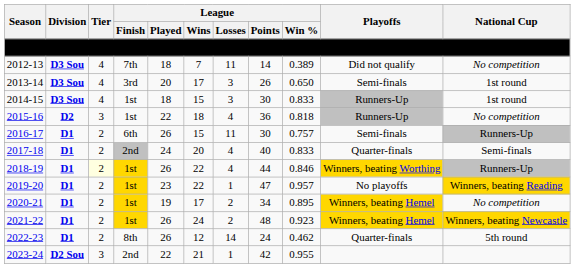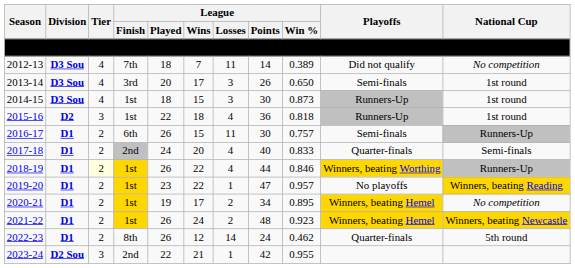 <table class="wikitable">
 <tr style="background:#efefef;">
 <th rowspan="2">Season</th>
 <th rowspan="2">Division</th>
 <th rowspan="2">Tier</th>
 <th colspan="6">League</th>
 <th rowspan="2">Playoffs</th>
 <th rowspan="2">National Cup</th>
 </tr>
 <tr>
 <th>Finish</th>
 <th>Played</th>
 <th>Wins</th>
 <th>Losses</th>
 <th>Points</th>
 <th>Win %</th>
 </tr>
 <tr>
 <td colspan="13"  style="text-align:center; background:#000;"><span><strong>Solent Kestrels</strong></span></td>
 </tr>
 <tr>
 <td style="text-align:center;">2012-13</td>
 <td style="text-align:center;"><strong><a href='#'>D3 Sou</a></strong></td>
 <td style="text-align:center;">4</td>
 <td style="text-align:center;">7th</td>
 <td style="text-align:center;">18</td>
 <td style="text-align:center;">7</td>
 <td style="text-align:center;">11</td>
 <td style="text-align:center;">14</td>
 <td style="text-align:center;">0.389</td>
 <td style="text-align:center;">Did not qualify</td>
 <td style="text-align:center;"><em>No competition</em></td>
 </tr>
 <tr>
 <td style="text-align:center;">2013-14</td>
 <td style="text-align:center;"><strong><a href='#'>D3 Sou</a></strong></td>
 <td style="text-align:center;">4</td>
 <td style="text-align:center;">3rd</td>
 <td style="text-align:center;">20</td>
 <td style="text-align:center;">17</td>
 <td style="text-align:center;">3</td>
 <td style="text-align:center;">26</td>
 <td style="text-align:center;">0.650</td>
 <td style="text-align:center;">Semi-finals</td>
 <td style="text-align:center;">1st round</td>
 </tr>
 <tr>
 <td style="text-align:center;">2014-15</td>
 <td style="text-align:center;"><strong><a href='#'>D3 Sou</a></strong></td>
 <td style="text-align:center;">4</td>
 <td style="text-align:center;">1st</td>
 <td style="text-align:center;">18</td>
 <td style="text-align:center;">15</td>
 <td style="text-align:center;">3</td>
 <td style="text-align:center;">30</td>
-<td style="text-align:center;">0.833</td>
+<td style="text-align:center;">0.873</td>
 <td style="text-align:center; background:silver;">Runners-Up</td>
 <td style="text-align:center;">1st round</td>
 </tr>
 <tr>
 <td style="text-align:center;"><a href='#'>2015-16</a></td>
 <td style="text-align:center;"><strong><a href='#'>D2</a></strong></td>
 <td style="text-align:center;">3</td>
 <td style="text-align:center;">1st</td>
 <td style="text-align:center;">22</td>
 <td style="text-align:center;">18</td>
 <td style="text-align:center;">4</td>
 <td style="text-align:center;">36</td>
 <td style="text-align:center;">0.818</td>
 <td style="text-align:center; background:silver;">Runners-Up</td>
-<td style="text-align:center;"><em>No competition</em></td>
+<td style="text-align:center;">1st round</td>
 </tr>
 <tr>
 <td style="text-align:center;"><a href='#'>2016-17</a></td>
 <td style="text-align:center;"><strong><a href='#'>D1</a></strong></td>
 <td style="text-align:center;">2</td>
 <td style="text-align:center;">6th</td>
 <td style="text-align:center;">26</td>
 <td style="text-align:center;">15</td>
 <td style="text-align:center;">11</td>
 <td style="text-align:center;">30</td>
 <td style="text-align:center;">0.757</td>
 <td style="text-align:center;">Semi-finals</td>
 <td style="text-align:center; background:silver;">Runners-Up</td>
 </tr>
 <tr>
 <td style="text-align:center;"><a href='#'>2017-18</a></td>
 <td style="text-align:center;"><strong><a href='#'>D1</a></strong></td>
 <td style="text-align:center;">2</td>
 <td style="text-align:center; background:silver;">2nd</td>
 <td style="text-align:center;">24</td>
 <td style="text-align:center;">20</td>
 <td style="text-align:center;">4</td>
 <td style="text-align:center;">40</td>
 <td style="text-align:center;">0.833</td>
 <td style="text-align:center;">Quarter-finals</td>
 <td style="text-align:center;">Semi-finals</td>
 </tr>
 <tr>
 <td style="text-align:center;"><a href='#'>2018-19</a></td>
 <td style="text-align:center;"><strong><a href='#'>D1</a></strong></td>
 <td style="background: lightyellow; text-align:center;">2</td>
 <td style="text-align:center; background:gold;">1st</td>
 <td style="text-align:center;">26</td>
 <td style="text-align:center;">22</td>
 <td style="text-align:center;">4</td>
 <td style="text-align:center;">44</td>
 <td style="text-align:center;">0.846</td>
 <td style="text-align:center; background:gold;">Winners, beating <a href='#'>Worthing</a></td>
 <td style="text-align:center; background:silver;">Runners-Up</td>
 </tr>
 <tr>
 <td style="text-align:center;"><a href='#'>2019-20</a></td>
 <td style="text-align:center;"><strong><a href='#'>D1</a></strong></td>
 <td style="text-align:center;">2</td>
 <td style="text-align:center;"bgcolor=gold>1st</td>
 <td style="text-align:center;">23</td>
 <td style="text-align:center;">22</td>
 <td style="text-align:center;">1</td>
 <td style="text-align:center;">47</td>
 <td style="text-align:center;">0.957</td>
 <td style="text-align:center;">No playoffs</td>
 <td style="text-align:center; background:gold;">Winners, beating <a href='#'>Reading</a></td>
 </tr>
 <tr>
 <td style="text-align:center;"><a href='#'>2020-21</a></td>
 <td style="text-align:center;"><strong><a href='#'>D1</a></strong></td>
 <td style="text-align:center;">2</td>
 <td style="text-align:center;"bgcolor=gold>1st</td>
 <td style="text-align:center;">19</td>
 <td style="text-align:center;">17</td>
 <td style="text-align:center;">2</td>
 <td style="text-align:center;">34</td>
 <td style="text-align:center;">0.895</td>
 <td style="text-align:center;"bgcolor=gold>Winners, beating <a href='#'>Hemel</a></td>
 <td style="text-align:center;"><em>No competition</em></td>
 </tr>
 <tr>
 <td style="text-align:center;"><a href='#'>2021-22</a></td>
 <td style="text-align:center;"><strong><a href='#'>D1</a></strong></td>
 <td style="text-align:center;">2</td>
 <td style="text-align:center;"bgcolor=gold>1st</td>
 <td style="text-align:center;">26</td>
 <td style="text-align:center;">24</td>
 <td style="text-align:center;">2</td>
 <td style="text-align:center;">48</td>
 <td style="text-align:center;">0.923</td>
 <td style="text-align:center;"bgcolor=gold>Winners, beating <a href='#'>Hemel</a></td>
 <td style="text-align:center;"bgcolor=gold>Winners, beating <a href='#'>Newcastle</a></td>
 </tr>
 <tr>
 <td style="text-align:center;"><a href='#'>2022-23</a></td>
 <td style="text-align:center;"><strong><a href='#'>D1</a></strong></td>
 <td style="text-align:center;">2</td>
 <td style="text-align:center;">8th</td>
 <td style="text-align:center;">26</td>
 <td style="text-align:center;">12</td>
 <td style="text-align:center;">14</td>
 <td style="text-align:center;">24</td>
 <td style="text-align:center;">0.462</td>
 <td style="text-align:center;">Quarter-finals</td>
 <td style="text-align:center;">5th round</td>
 </tr>
 <tr>
 <td style="text-align:center;"><a href='#'>2023-24</a></td>
 <td style="text-align:center;"><strong><a href='#'>D2 Sou</a></strong></td>
 <td style="text-align:center;">3</td>
 <td style="text-align:center;">2nd</td>
 <td style="text-align:center;">22</td>
 <td style="text-align:center;">21</td>
 <td style="text-align:center;">1</td>
 <td style="text-align:center;">42</td>
 <td style="text-align:center;">0.955</td>
 <td style="text-align:center;"></td>
 <td style="text-align:center;"></td>
 </tr>
 </table>
